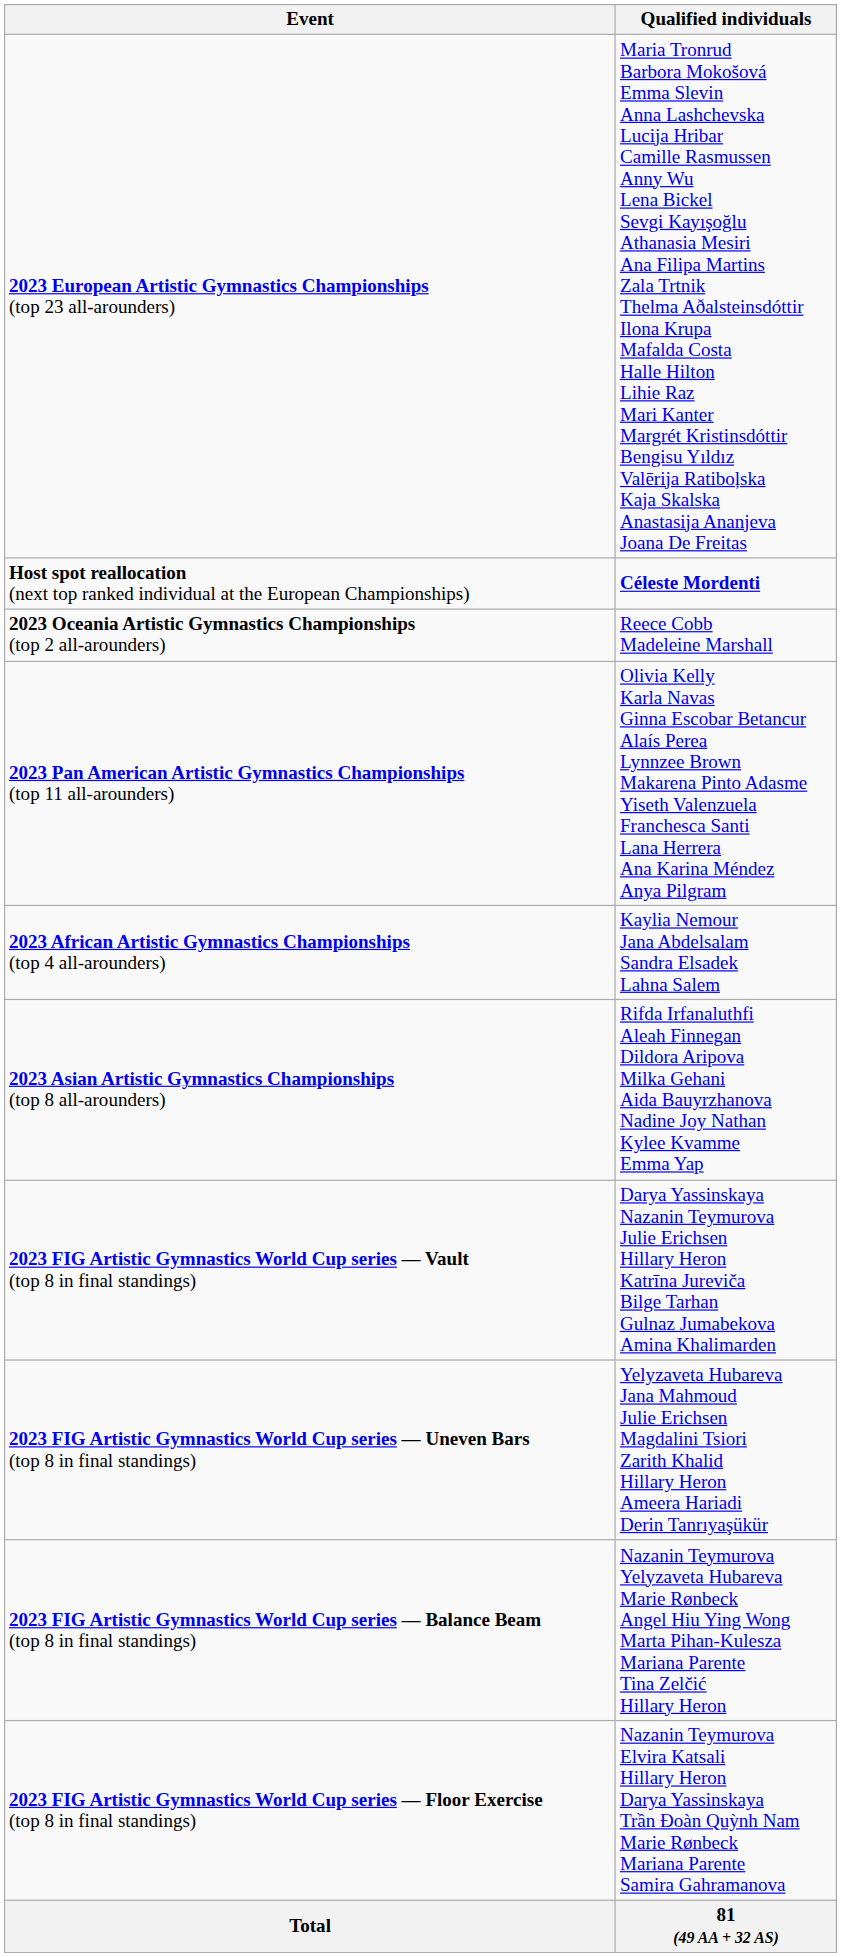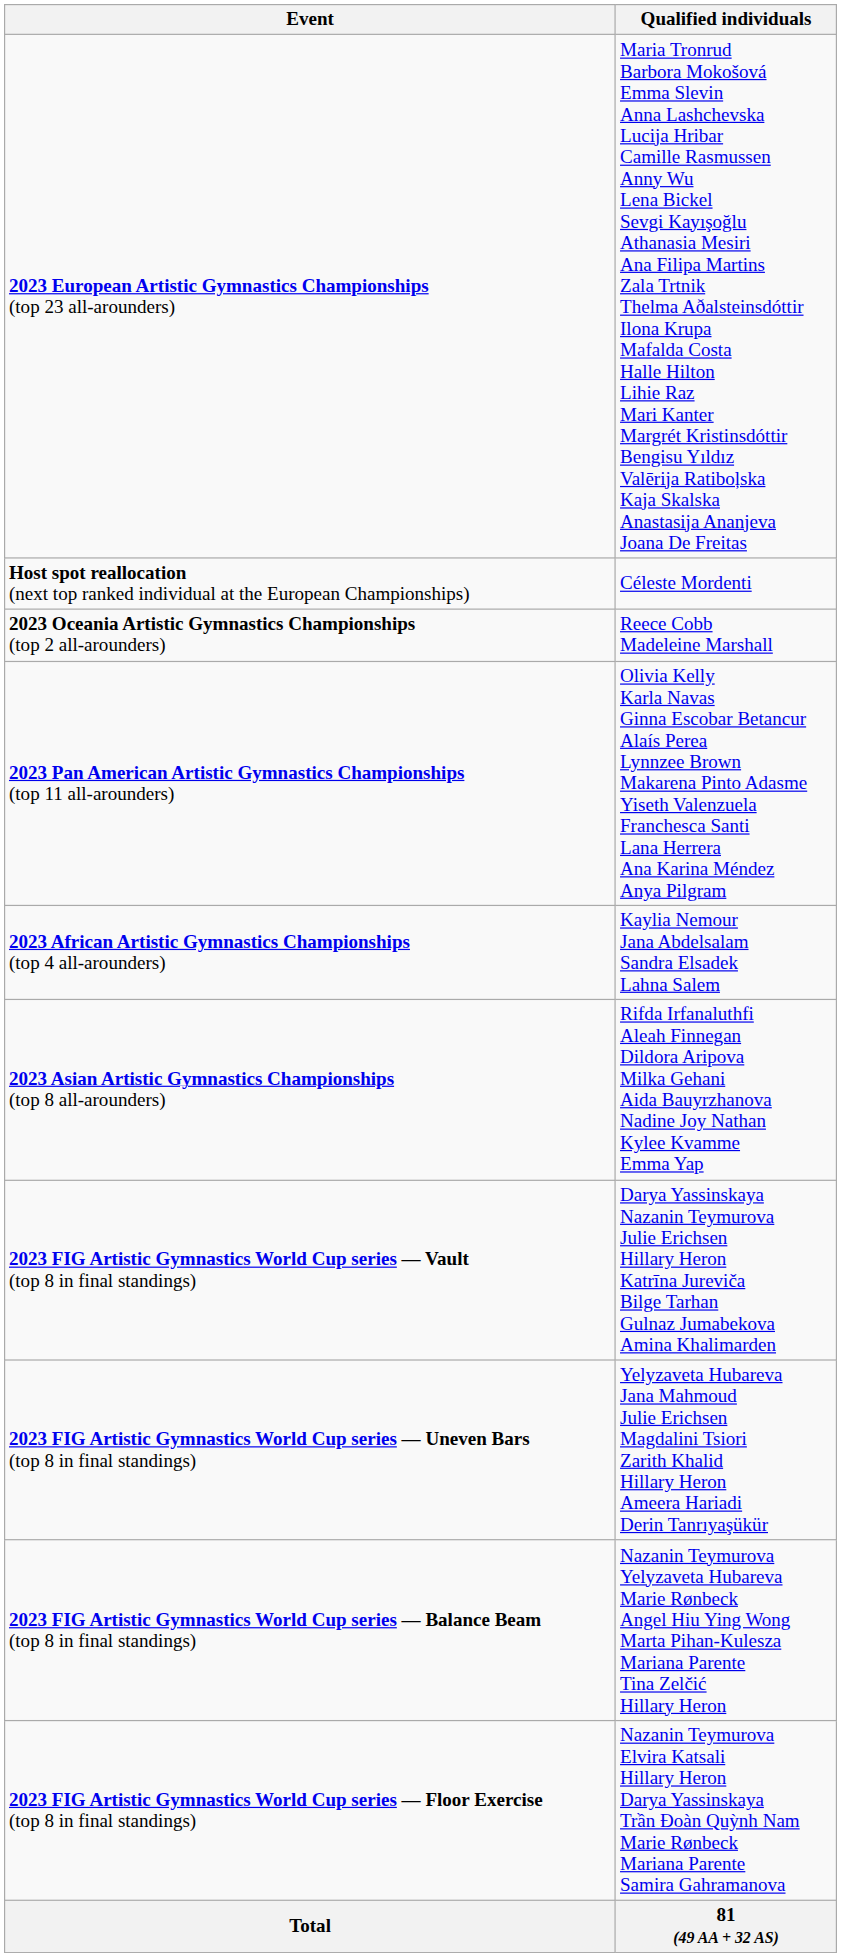 <table class="wikitable mw-collapsible mw-collapsed" style="width:700px;">
 <tr>
 <th>Event</th>
 <th>Qualified individuals</th>
 </tr>
 <tr>
 <td><strong><a href='#'>2023 European Artistic Gymnastics Championships</a></strong><br>(top 23 all-arounders)</td>
 <td> <a href='#'>Maria Tronrud</a> <br>  <a href='#'>Barbora Mokošová</a> <br>  <a href='#'>Emma Slevin</a> <br>  <a href='#'>Anna Lashchevska</a> <br>  <a href='#'>Lucija Hribar</a> <br>  <a href='#'>Camille Rasmussen</a> <br>  <a href='#'>Anny Wu</a> <br>  <a href='#'>Lena Bickel</a> <br>  <a href='#'>Sevgi Kayışoğlu</a> <br>  <a href='#'>Athanasia Mesiri</a> <br>  <a href='#'>Ana Filipa Martins</a> <br>  <a href='#'>Zala Trtnik</a> <br>  <a href='#'>Thelma Aðalsteinsdóttir</a> <br>  <a href='#'>Ilona Krupa</a> <br>  <a href='#'>Mafalda Costa</a> <br>  <a href='#'>Halle Hilton</a> <br>  <a href='#'>Lihie Raz</a> <br>  <a href='#'>Mari Kanter</a> <br>  <a href='#'>Margrét Kristinsdóttir</a> <br>  <a href='#'>Bengisu Yıldız</a> <br>  <a href='#'>Valērija Ratiboļska</a> <br>  <a href='#'>Kaja Skalska</a> <br>  <a href='#'>Anastasija Ananjeva</a> <br>  <a href='#'>Joana De Freitas</a></td>
 </tr>
 <tr>
 <td><strong>Host spot reallocation</strong><br>(next top ranked individual at the European Championships)</td>
-<td><strong> <a href='#'>Céleste Mordenti</a></strong></td>
+<td> <a href='#'>Céleste Mordenti</a></td>
 </tr>
 <tr>
 <td><strong>2023 Oceania Artistic Gymnastics Championships</strong><br>(top 2 all-arounders)</td>
 <td> <a href='#'>Reece Cobb</a> <br>  <a href='#'>Madeleine Marshall</a></td>
 </tr>
 <tr>
 <td><strong><a href='#'>2023 Pan American Artistic Gymnastics Championships</a></strong><br>(top 11 all-arounders)</td>
 <td> <a href='#'>Olivia Kelly</a> <br>  <a href='#'>Karla Navas</a> <br>  <a href='#'>Ginna Escobar Betancur</a> <br>  <a href='#'>Alaís Perea</a> <br>  <a href='#'>Lynnzee Brown</a> <br>  <a href='#'>Makarena Pinto Adasme</a> <br>  <a href='#'>Yiseth Valenzuela</a> <br>  <a href='#'>Franchesca Santi</a> <br>  <a href='#'>Lana Herrera</a> <br>  <a href='#'>Ana Karina Méndez</a> <br>  <a href='#'>Anya Pilgram</a></td>
 </tr>
 <tr>
 <td><strong><a href='#'>2023 African Artistic Gymnastics Championships</a></strong><br>(top 4 all-arounders)</td>
 <td> <a href='#'>Kaylia Nemour</a> <br>  <a href='#'>Jana Abdelsalam</a> <br>  <a href='#'>Sandra Elsadek</a> <br>  <a href='#'>Lahna Salem</a></td>
 </tr>
 <tr>
 <td><strong><a href='#'>2023 Asian Artistic Gymnastics Championships</a></strong><br>(top 8 all-arounders)</td>
 <td> <a href='#'>Rifda Irfanaluthfi</a> <br>  <a href='#'>Aleah Finnegan</a> <br>  <a href='#'>Dildora Aripova</a> <br>  <a href='#'>Milka Gehani</a> <br>  <a href='#'>Aida Bauyrzhanova</a> <br>  <a href='#'>Nadine Joy Nathan</a> <br>  <a href='#'>Kylee Kvamme</a> <br>  <a href='#'>Emma Yap</a></td>
 </tr>
 <tr>
 <td><strong><a href='#'>2023 FIG Artistic Gymnastics World Cup series</a> — Vault </strong><br>(top 8 in final standings)</td>
 <td> <a href='#'>Darya Yassinskaya</a> <br>  <a href='#'>Nazanin Teymurova</a> <br>  <a href='#'>Julie Erichsen</a> <br>  <a href='#'>Hillary Heron</a> <br>  <a href='#'>Katrīna Jureviča</a> <br>  <a href='#'>Bilge Tarhan</a> <br>  <a href='#'>Gulnaz Jumabekova</a> <br>  <a href='#'>Amina Khalimarden</a></td>
 </tr>
 <tr>
 <td><strong><a href='#'>2023 FIG Artistic Gymnastics World Cup series</a> — Uneven Bars </strong><br>(top 8 in final standings)</td>
 <td> <a href='#'>Yelyzaveta Hubareva</a> <br>  <a href='#'>Jana Mahmoud</a> <br>  <a href='#'>Julie Erichsen</a> <br>  <a href='#'>Magdalini Tsiori</a> <br>  <a href='#'>Zarith Khalid</a> <br>  <a href='#'>Hillary Heron</a> <br>  <a href='#'>Ameera Hariadi</a> <br>  <a href='#'>Derin Tanrıyaşükür</a></td>
 </tr>
 <tr>
 <td><strong><a href='#'>2023 FIG Artistic Gymnastics World Cup series</a> — Balance Beam </strong><br>(top 8 in final standings)</td>
 <td> <a href='#'>Nazanin Teymurova</a> <br>  <a href='#'>Yelyzaveta Hubareva</a> <br>  <a href='#'>Marie Rønbeck</a> <br>  <a href='#'>Angel Hiu Ying Wong</a> <br>  <a href='#'>Marta Pihan-Kulesza</a> <br>  <a href='#'>Mariana Parente</a> <br>  <a href='#'>Tina Zelčić</a> <br>  <a href='#'>Hillary Heron</a></td>
 </tr>
 <tr>
 <td><strong><a href='#'>2023 FIG Artistic Gymnastics World Cup series</a> — Floor Exercise </strong><br>(top 8 in final standings)</td>
 <td> <a href='#'>Nazanin Teymurova</a> <br>  <a href='#'>Elvira Katsali</a> <br>  <a href='#'>Hillary Heron</a> <br>  <a href='#'>Darya Yassinskaya</a> <br>  <a href='#'>Trần Đoàn Quỳnh Nam</a> <br>  <a href='#'>Marie Rønbeck</a> <br>  <a href='#'>Mariana Parente</a> <br>  <a href='#'>Samira Gahramanova</a></td>
 </tr>
 <tr>
 <th colspan="1">Total</th>
 <th>81 <em><br> <small>(49 AA + 32 AS)</small></em></th>
 </tr>
 </table>
